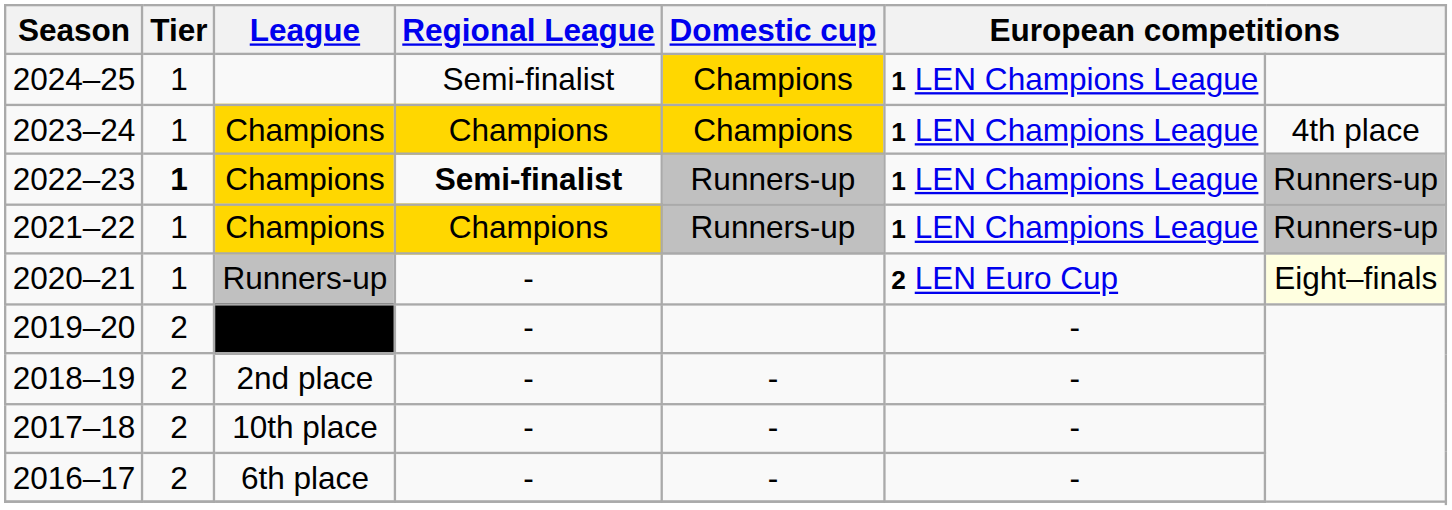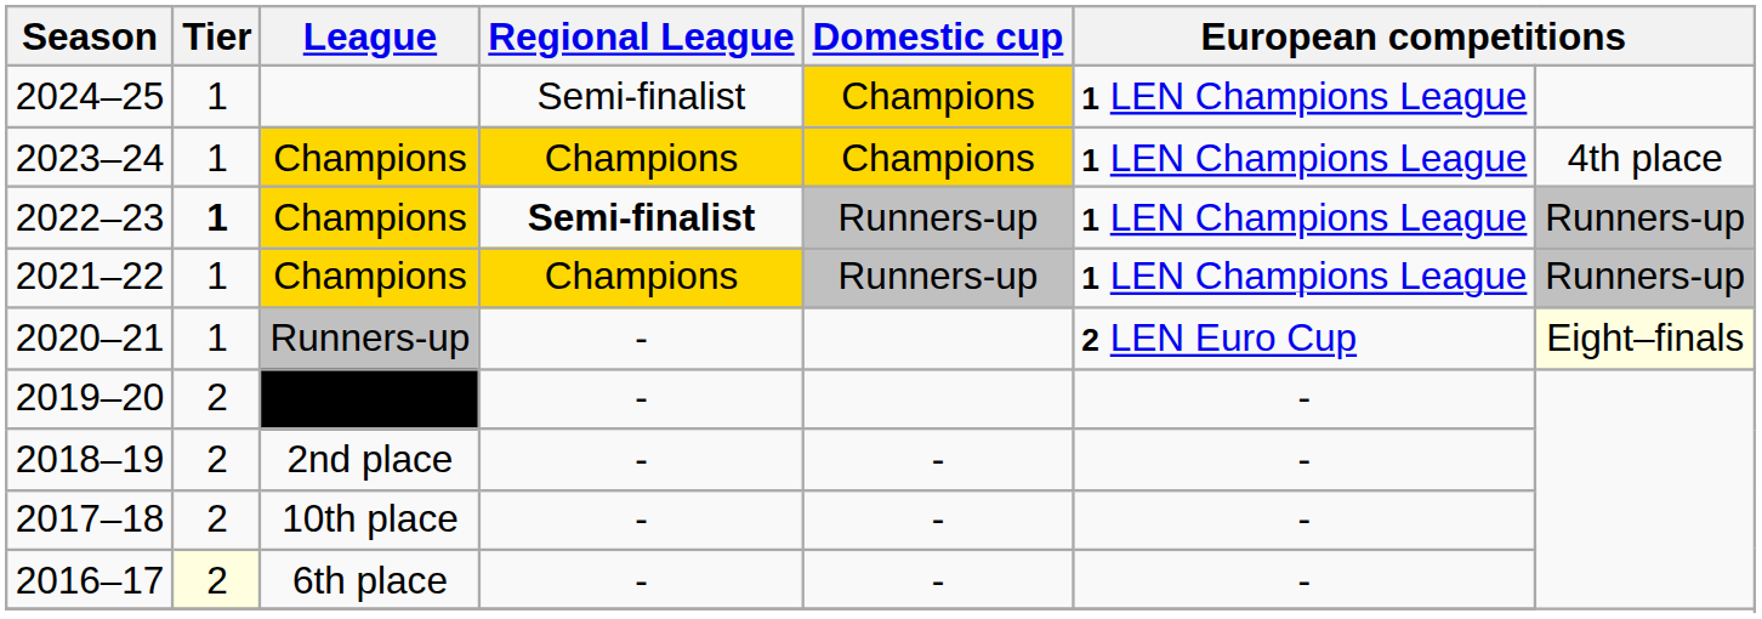 <table class="wikitable" style="font-size:85%; text-align:left">
 <tr>
 <th>Season</th>
 <th>Tier</th>
 <th><a href='#'>League</a></th>
 <th><a href='#'>Regional League</a></th>
 <th><a href='#'>Domestic cup</a></th>
 <th colspan=2>European competitions</th>
 </tr>
 <tr>
 <td>2024–25</td>
 <td align=center>1</td>
 <td align=center></td>
 <td align=center>Semi-finalist</td>
 <td bgcolor=gold align=center>Champions</td>
 <td><small><strong>1</strong></small> <a href='#'>LEN Champions League</a></td>
 <td align=center bgcolor=></td>
 </tr>
 <tr>
 <td>2023–24</td>
 <td align=center>1</td>
 <td bgcolor=gold align=center>Champions</td>
 <td bgcolor=gold align=center>Champions</td>
 <td bgcolor=gold align=center>Champions</td>
 <td><small><strong>1</strong></small> <a href='#'>LEN Champions League</a></td>
 <td align=center bgcolor=>4th place</td>
 </tr>
 <tr>
 <td>2022–23</td>
 <td align=center><strong>1</strong></td>
 <td bgcolor=gold align=center>Champions</td>
 <td align=center><strong>Semi-finalist</strong></td>
 <td align=center bgcolor=silver>Runners-up</td>
 <td><small><strong>1</strong></small> <a href='#'>LEN Champions League</a></td>
 <td align=center bgcolor=silver>Runners-up</td>
 </tr>
 <tr>
 <td>2021–22</td>
 <td align=center>1</td>
 <td bgcolor=gold align=center>Champions</td>
 <td bgcolor=gold align=center>Champions</td>
 <td align=center bgcolor=silver>Runners-up</td>
 <td><small><strong>1</strong></small> <a href='#'>LEN Champions League</a></td>
 <td align=center bgcolor=silver>Runners-up</td>
 </tr>
 <tr>
 <td>2020–21</td>
 <td align=center>1</td>
 <td bgcolor=silver align=center>Runners-up</td>
 <td align=center>-</td>
 <td align=center></td>
 <td><small><strong>2</strong></small> <a href='#'>LEN Euro Cup</a></td>
 <td align=center style="background: lightyellow;">Eight–finals</td>
 </tr>
 <tr>
 <td>2019–20</td>
 <td align=center>2</td>
 <td align=center style="background:black; color:white"></td>
 <td align=center>-</td>
 <td align=center></td>
 <td align=center>-</td>
 </tr>
 <tr>
 <td>2018–19</td>
 <td align=center>2</td>
 <td align=center>2nd place</td>
 <td align=center>-</td>
 <td align=center>-</td>
 <td align=center>-</td>
 </tr>
 <tr>
 <td>2017–18</td>
 <td align=center>2</td>
 <td align=center>10th place</td>
 <td align=center>-</td>
 <td align=center>-</td>
 <td align=center>-</td>
 </tr>
 <tr>
 <td>2016–17</td>
-<td align=center>2</td>
+<td align=center style="background: lightyellow;">2</td>
 <td align=center>6th place</td>
 <td align=center>-</td>
 <td align=center>-</td>
 <td align=center>-</td>
 </tr>
 <tr>
 </tr>
 </table>
